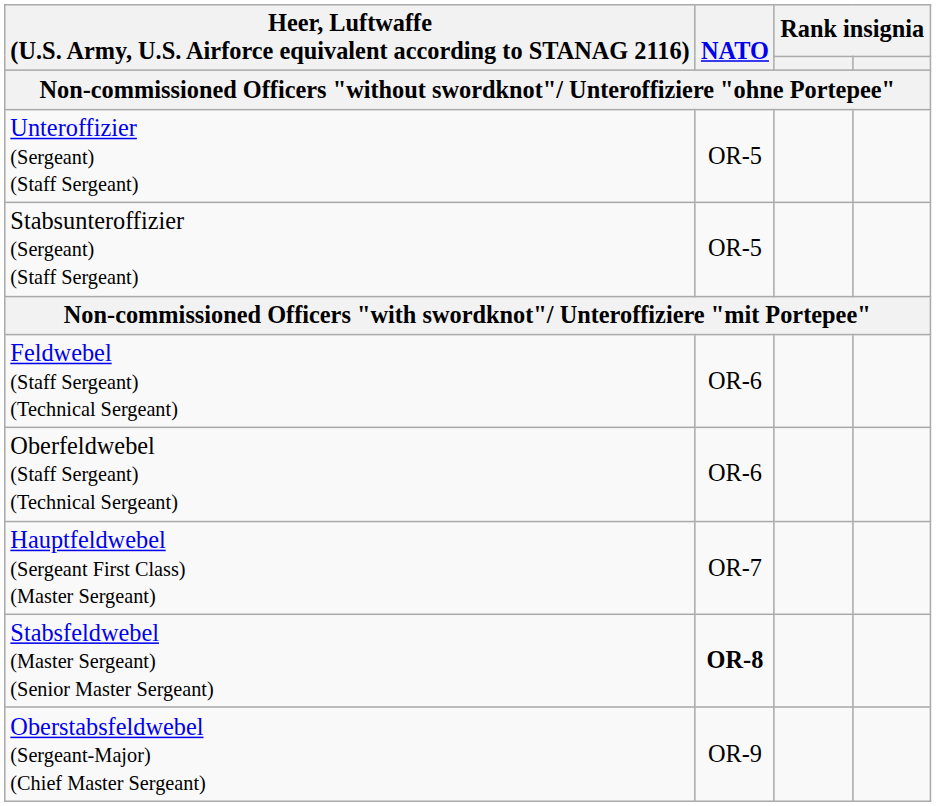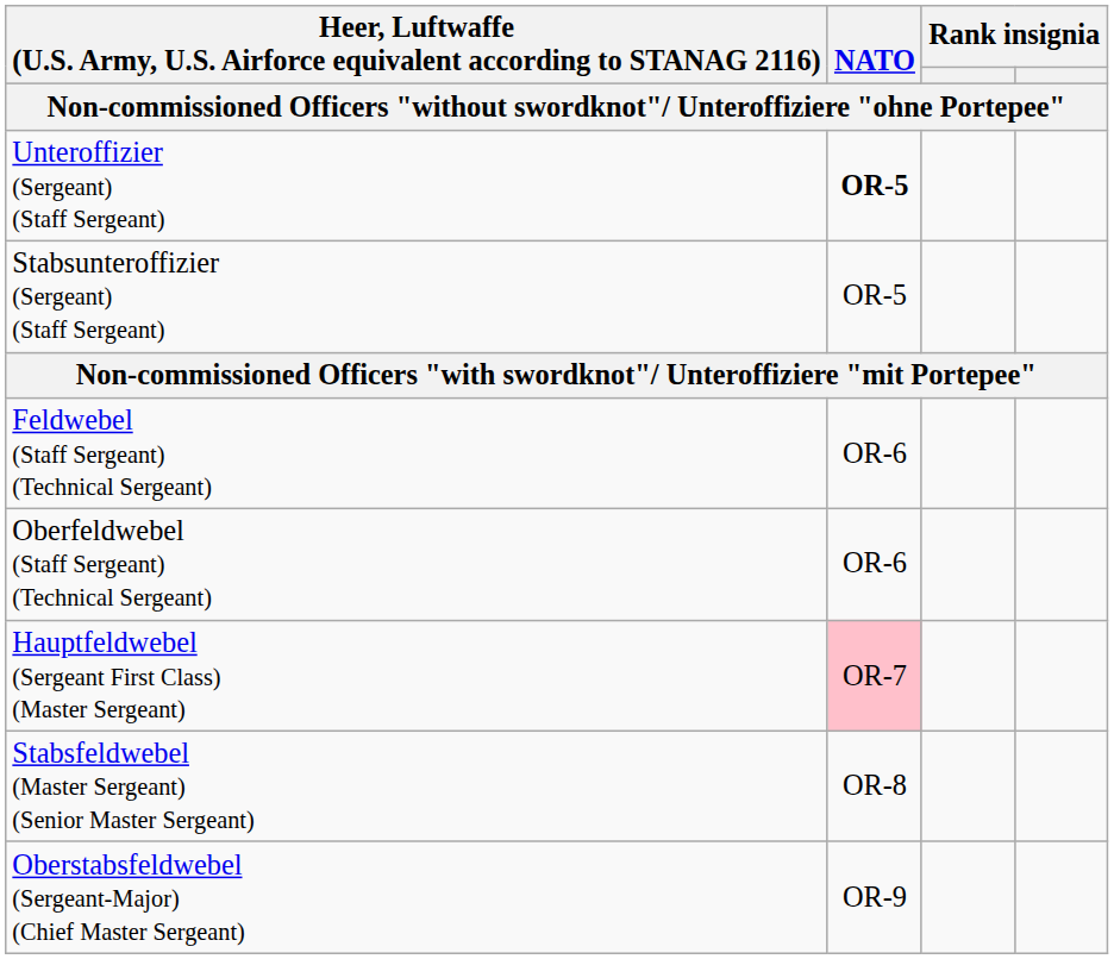 <table class="wikitable">
 <tr>
 <th rowspan="2">Heer, Luftwaffe<br>(U.S. Army, U.S. Airforce equivalent according to STANAG 2116)</th>
 <th rowspan="2"><br><a href='#'>NATO</a></th>
 <th colspan="2">Rank insignia</th>
 </tr>
 <tr>
 <th></th>
 <th></th>
 </tr>
 <tr>
 <th colspan="10">Non-commissioned Officers "without swordknot"/ Unteroffiziere "ohne Portepee"</th>
 </tr>
 <tr>
 <td><a href='#'>Unteroffizier</a><br><small>(Sergeant) <br> (Staff Sergeant)</small></td>
-<td align="center" rowspan="1">OR-5</td>
+<td align="center" rowspan="1"><strong>OR-5</strong></td>
 <td></td>
 <td></td>
 </tr>
 <tr>
 <td>Stabsunteroffizier<br><small>(Sergeant) <br> (Staff Sergeant)</small></td>
 <td align="center" rowspan="1">OR-5</td>
 <td></td>
 <td></td>
 </tr>
 <tr>
 <th colspan="10">Non-commissioned Officers "with swordknot"/ Unteroffiziere "mit Portepee"</th>
 </tr>
 <tr>
 <td><a href='#'>Feldwebel</a><br><small>(Staff Sergeant)<br> (Technical Sergeant)</small></td>
 <td align="center" rowspan="1">OR-6</td>
 <td></td>
 <td></td>
 </tr>
 <tr>
 <td>Oberfeldwebel<br><small>(Staff Sergeant)<br>  (Technical Sergeant)</small></td>
 <td align="center" rowspan="1">OR-6</td>
 <td></td>
 <td></td>
 </tr>
 <tr>
 <td><a href='#'>Hauptfeldwebel</a><br><small>(Sergeant First Class) <br> (Master Sergeant)</small></td>
-<td align="center">OR-7</td>
+<td align="center" style="background: pink;">OR-7</td>
 <td></td>
 <td></td>
 </tr>
 <tr>
 <td><a href='#'>Stabsfeldwebel</a><br><small>(Master Sergeant)<br>  (Senior Master Sergeant)</small></td>
-<td align="center"><strong>OR-8</strong></td>
+<td align="center">OR-8</td>
 <td></td>
 <td></td>
 </tr>
 <tr>
 <td><a href='#'>Oberstabsfeldwebel</a><br><small>(Sergeant-Major)<br>  (Chief Master Sergeant)</small></td>
 <td align="center">OR-9</td>
 <td></td>
 <td></td>
 </tr>
 </table>
